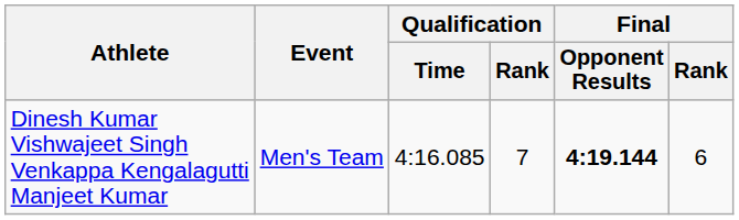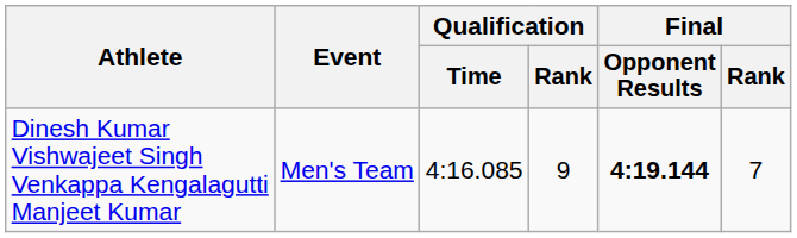 <table class="wikitable" style="font-size:90%;text-align:center;">
 <tr>
 <th rowspan=2>Athlete</th>
 <th rowspan=2>Event</th>
 <th colspan=2>Qualification</th>
 <th colspan=2>Final</th>
 </tr>
 <tr style="font-size:95%">
 <th>Time</th>
 <th>Rank</th>
 <th>Opponent<br>Results</th>
 <th>Rank</th>
 </tr>
 <tr>
 <td align=left><a href='#'>Dinesh Kumar</a><br><a href='#'>Vishwajeet Singh</a><br><a href='#'>Venkappa Kengalagutti</a><br><a href='#'>Manjeet Kumar</a></td>
 <td><a href='#'>Men's Team</a></td>
 <td>4:16.085</td>
+<td>9</td>
+<td><strong>4:19.144</strong></td>
 <td>7</td>
-<td><strong>4:19.144</strong></td>
-<td>6</td>
 </tr>
 </table>
